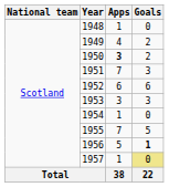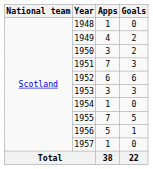 <table class=wikitable style="text-align:center">
 <tr>
 <th>National team</th>
 <th>Year</th>
 <th>Apps</th>
 <th>Goals</th>
 </tr>
 <tr>
 <td rowspan="10"><a href='#'>Scotland</a></td>
 <td>1948</td>
 <td>1</td>
 <td>0</td>
 </tr>
 <tr>
 <td>1949</td>
 <td>4</td>
 <td>2</td>
 </tr>
 <tr>
 <td>1950</td>
-<td><strong>3</strong></td>
+<td>3</td>
 <td>2</td>
 </tr>
 <tr>
 <td>1951</td>
 <td>7</td>
 <td>3</td>
 </tr>
 <tr>
 <td>1952</td>
 <td>6</td>
 <td>6</td>
 </tr>
 <tr>
 <td>1953</td>
 <td>3</td>
 <td>3</td>
 </tr>
 <tr>
 <td>1954</td>
 <td>1</td>
 <td>0</td>
 </tr>
 <tr>
 <td>1955</td>
 <td>7</td>
 <td>5</td>
 </tr>
 <tr>
 <td>1956</td>
 <td>5</td>
-<td><strong>1</strong></td>
+<td>1</td>
 </tr>
 <tr>
 <td>1957</td>
 <td>1</td>
-<td style="background: khaki;">0</td>
+<td>0</td>
 </tr>
 <tr>
 <th colspan="2">Total</th>
 <th>38</th>
 <th>22</th>
 </tr>
 </table>
